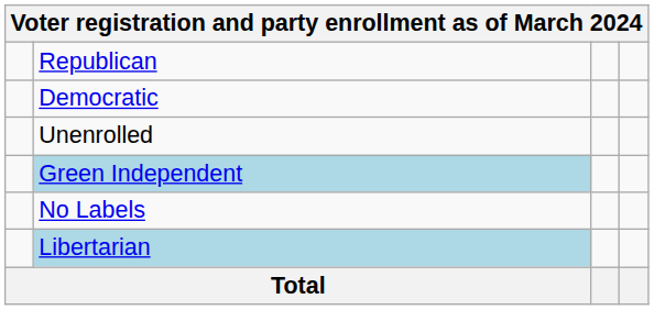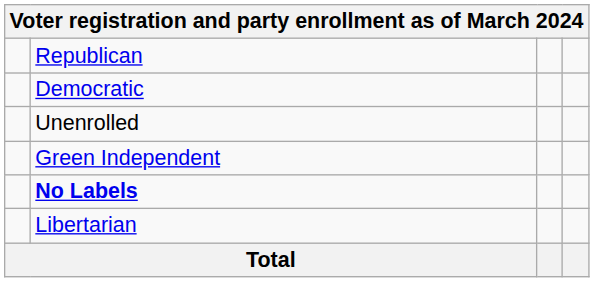 <table class=wikitable>
 <tr>
 <th colspan = 6>Voter registration and party enrollment as of March 2024</th>
 </tr>
 <tr>
 <td></td>
 <td><a href='#'>Republican</a></td>
 <td align = center></td>
 <td align = center></td>
 </tr>
 <tr>
 <td></td>
 <td><a href='#'>Democratic</a></td>
 <td align = center></td>
 <td align = center></td>
 </tr>
 <tr>
 <td></td>
 <td>Unenrolled</td>
 <td align = center></td>
 <td align = center></td>
 </tr>
 <tr>
 <td></td>
-<td style="background: lightblue;"><a href='#'>Green Independent</a></td>
+<td><a href='#'>Green Independent</a></td>
 <td align = center></td>
 <td align = center></td>
 </tr>
 <tr>
 <td></td>
-<td><a href='#'>No Labels</a></td>
+<td><strong><a href='#'>No Labels</a></strong></td>
 <td align = center></td>
 <td align = center></td>
 </tr>
 <tr>
 <td></td>
-<td style="background: lightblue;"><a href='#'>Libertarian</a></td>
+<td><a href='#'>Libertarian</a></td>
 <td align = center></td>
 <td align = center></td>
 </tr>
 <tr>
 <th colspan = 2>Total</th>
 <th align = center></th>
 <th align = center></th>
 </tr>
 </table>
